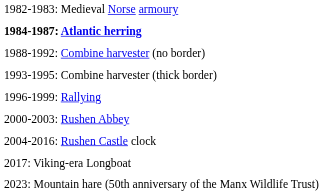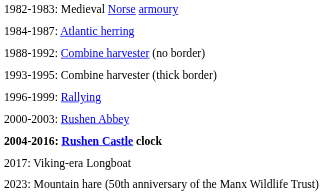 <table cellspacing="10px">
 <tr valign="top">
 <td>1982-1983: Medieval <a href='#'>Norse</a> <a href='#'>armoury</a><br></td>
 </tr>
 <tr valign="top">
-<td><strong>1984-1987: <a href='#'>Atlantic herring</a><br></strong></td>
+<td>1984-1987: <a href='#'>Atlantic herring</a><br></td>
 </tr>
 <tr valign="top">
 <td>1988-1992: <a href='#'>Combine harvester</a> (no border)<br></td>
 </tr>
 <tr valign="top">
 <td>1993-1995: Combine harvester (thick border)<br></td>
 </tr>
 <tr valign="top">
 <td>1996-1999: <a href='#'>Rallying</a><br></td>
 </tr>
 <tr valign="top">
 <td>2000-2003: <a href='#'>Rushen Abbey</a><br></td>
 </tr>
 <tr valign="top">
-<td>2004-2016: <a href='#'>Rushen Castle</a> clock<br></td>
+<td><strong>2004-2016: <a href='#'>Rushen Castle</a> clock<br></strong></td>
 </tr>
 <tr valign="top">
 <td>2017: Viking-era Longboat</td>
 </tr>
 <tr valign="top">
 <td>2023: Mountain hare (50th anniversary of the Manx Wildlife Trust)</td>
 </tr>
 </table>
